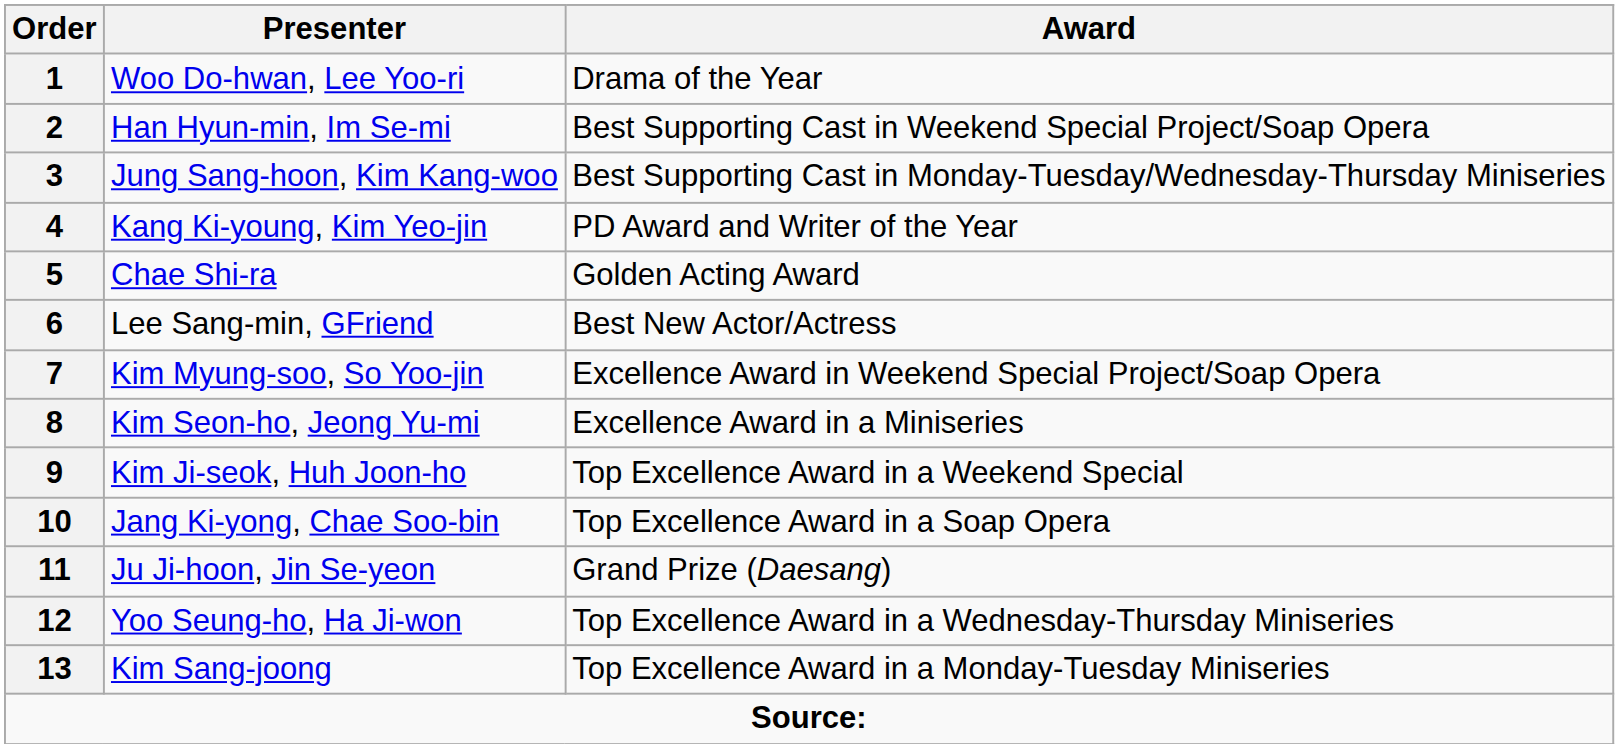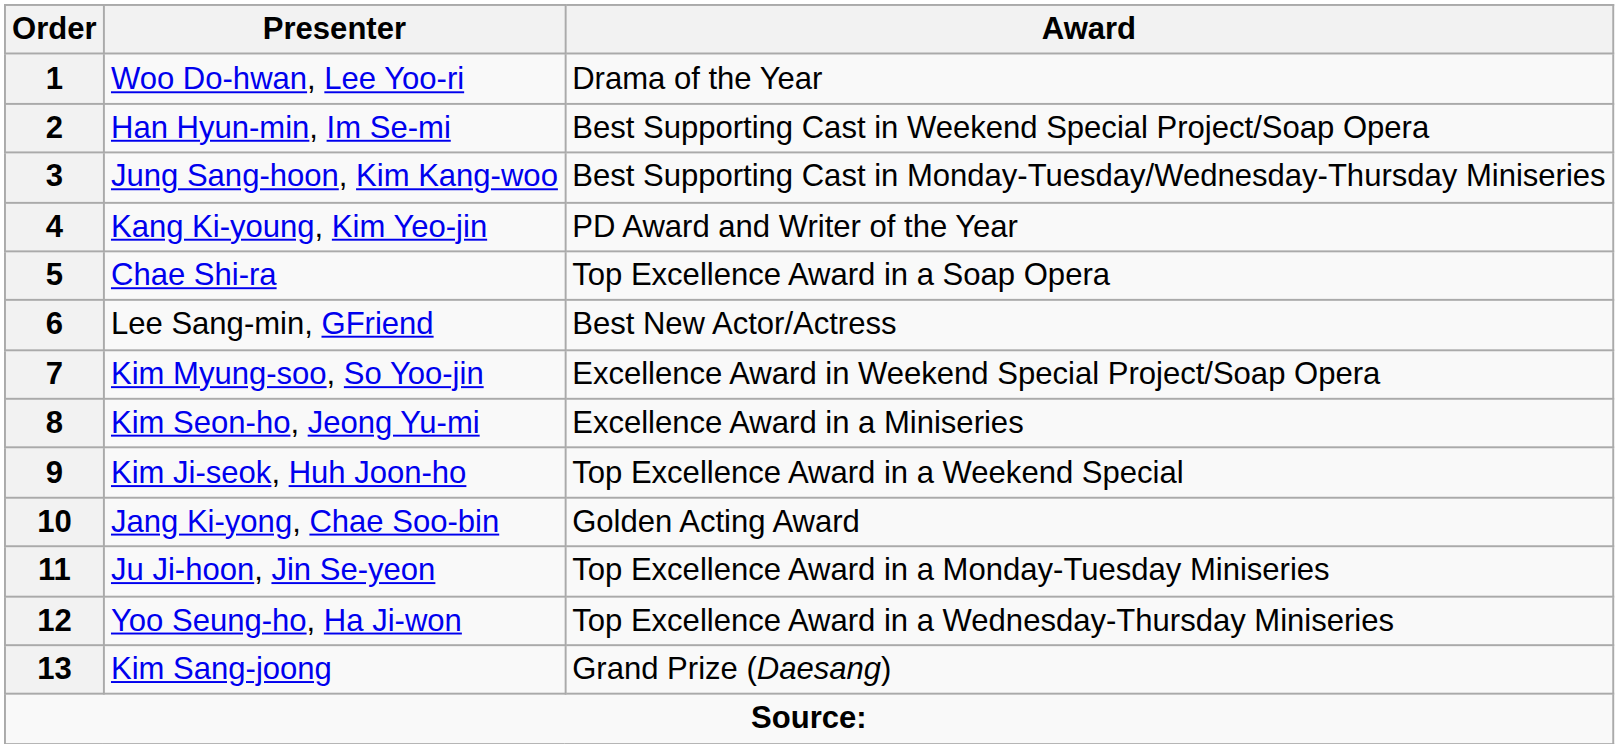 <table class="wikitable">
 <tr>
 <th>Order</th>
 <th>Presenter</th>
 <th>Award</th>
 </tr>
 <tr>
 <th>1</th>
 <td><a href='#'>Woo Do-hwan</a>, <a href='#'>Lee Yoo-ri</a></td>
 <td>Drama of the Year</td>
 </tr>
 <tr>
 <th>2</th>
 <td><a href='#'>Han Hyun-min</a>, <a href='#'>Im Se-mi</a></td>
 <td>Best Supporting Cast in Weekend Special Project/Soap Opera</td>
 </tr>
 <tr>
 <th>3</th>
 <td><a href='#'>Jung Sang-hoon</a>, <a href='#'>Kim Kang-woo</a></td>
 <td>Best Supporting Cast in Monday-Tuesday/Wednesday-Thursday Miniseries</td>
 </tr>
 <tr>
 <th>4</th>
 <td><a href='#'>Kang Ki-young</a>, <a href='#'>Kim Yeo-jin</a></td>
 <td>PD Award and Writer of the Year</td>
 </tr>
 <tr>
 <th>5</th>
 <td><a href='#'>Chae Shi-ra</a></td>
-<td>Golden Acting Award</td>
+<td>Top Excellence Award in a Soap Opera</td>
 </tr>
 <tr>
 <th>6</th>
 <td>Lee Sang-min, <a href='#'>GFriend</a></td>
 <td>Best New Actor/Actress</td>
 </tr>
 <tr>
 <th>7</th>
 <td><a href='#'>Kim Myung-soo</a>, <a href='#'>So Yoo-jin</a></td>
 <td>Excellence Award in Weekend Special Project/Soap Opera</td>
 </tr>
 <tr>
 <th>8</th>
 <td><a href='#'>Kim Seon-ho</a>, <a href='#'>Jeong Yu-mi</a></td>
 <td>Excellence Award in a Miniseries</td>
 </tr>
 <tr>
 <th>9</th>
 <td><a href='#'>Kim Ji-seok</a>, <a href='#'>Huh Joon-ho</a></td>
 <td>Top Excellence Award in a Weekend Special</td>
 </tr>
 <tr>
 <th>10</th>
 <td><a href='#'>Jang Ki-yong</a>, <a href='#'>Chae Soo-bin</a></td>
-<td>Top Excellence Award in a Soap Opera</td>
+<td>Golden Acting Award</td>
 </tr>
 <tr>
 <th>11</th>
 <td><a href='#'>Ju Ji-hoon</a>, <a href='#'>Jin Se-yeon</a></td>
-<td>Grand Prize (<em>Daesang</em>)</td>
+<td>Top Excellence Award in a Monday-Tuesday Miniseries</td>
 </tr>
 <tr>
 <th>12</th>
 <td><a href='#'>Yoo Seung-ho</a>, <a href='#'>Ha Ji-won</a></td>
 <td>Top Excellence Award in a Wednesday-Thursday Miniseries</td>
 </tr>
 <tr>
 <th>13</th>
 <td><a href='#'>Kim Sang-joong</a></td>
-<td>Top Excellence Award in a Monday-Tuesday Miniseries</td>
+<td>Grand Prize (<em>Daesang</em>)</td>
 </tr>
 <tr>
 <td colspan="3" style="text-align: center;"><strong>Source:</strong></td>
 </tr>
 </table>
